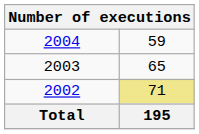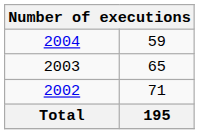 <table class="wikitable" style="text-align:center;">
 <tr>
 <th colspan="2">Number of executions</th>
 </tr>
 <tr>
 <td><a href='#'>2004</a></td>
 <td>59</td>
 </tr>
 <tr>
 <td>2003</td>
 <td>65</td>
 </tr>
 <tr>
 <td><a href='#'>2002</a></td>
-<td style="background: khaki;">71</td>
+<td>71</td>
 </tr>
 <tr>
 <th>Total</th>
 <th>195</th>
 </tr>
 <tr>
 </tr>
 </table>
